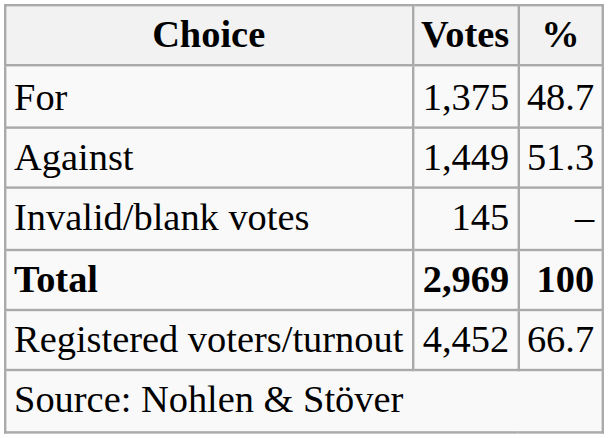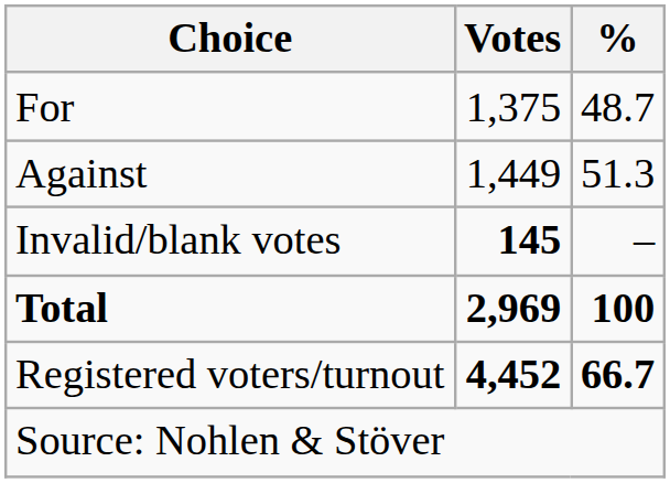 <table class=wikitable style=text-align:right>
 <tr>
 <th>Choice</th>
 <th>Votes</th>
 <th>%</th>
 </tr>
 <tr>
 <td align=left>For</td>
 <td>1,375</td>
 <td>48.7</td>
 </tr>
 <tr>
 <td align=left>Against</td>
 <td>1,449</td>
 <td>51.3</td>
 </tr>
 <tr>
 <td align=left>Invalid/blank votes</td>
-<td>145</td>
+<td><strong>145</strong></td>
 <td>–</td>
 </tr>
 <tr>
 <td align=left><strong>Total</strong></td>
 <td><strong>2,969</strong></td>
 <td><strong>100</strong></td>
 </tr>
 <tr>
 <td align=left>Registered voters/turnout</td>
-<td>4,452</td>
-<td>66.7</td>
+<td><strong>4,452</strong></td>
+<td><strong>66.7</strong></td>
 </tr>
 <tr>
 <td align=left colspan=3>Source: Nohlen & Stöver</td>
 </tr>
 </table>
